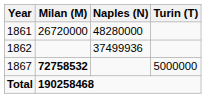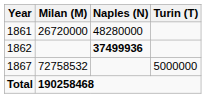 <table class="wikitable sortable">
 <tr>
 <th>Year</th>
 <th>Milan (M)</th>
 <th>Naples (N)</th>
 <th>Turin (T)</th>
 </tr>
 <tr>
 <td>1861</td>
 <td>26720000</td>
 <td>48280000</td>
 <td></td>
 </tr>
 <tr>
 <td>1862</td>
 <td></td>
-<td>37499936</td>
+<td><strong>37499936</strong></td>
 <td></td>
 </tr>
 <tr>
 <td>1867</td>
-<td><strong>72758532</strong></td>
+<td>72758532</td>
 <td></td>
 <td>5000000</td>
 </tr>
 <tr>
 <td><strong>Total</strong></td>
 <td colspan="3"><strong>190258468</strong></td>
 </tr>
 </table>
